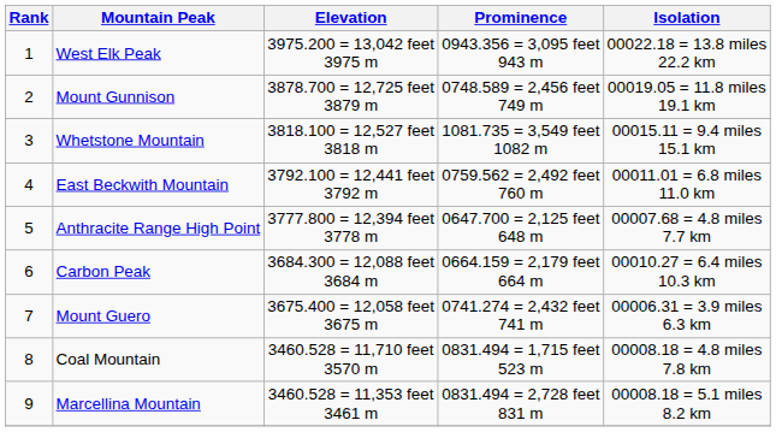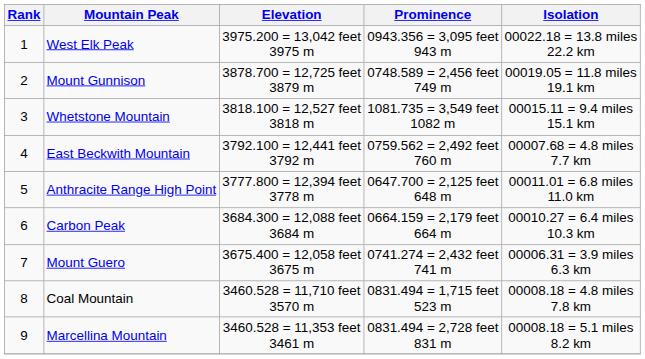 <table class="wikitable sortable">
 <tr>
 <th><a href='#'>Rank</a></th>
 <th><a href='#'>Mountain Peak</a></th>
 <th><a href='#'>Elevation</a></th>
 <th><a href='#'>Prominence</a></th>
 <th><a href='#'>Isolation</a></th>
 </tr>
 <tr>
 <td align=center>1</td>
 <td><a href='#'>West Elk Peak</a>  </td>
 <td align=center><span>3975.200 = </span>13,042 feet<br>3975 m</td>
 <td align=center><span>0943.356 = </span>3,095 feet<br>943 m</td>
 <td align=center><span>00022.18 = </span>13.8 miles<br>22.2 km</td>
 </tr>
 <tr>
 <td align=center>2</td>
 <td><a href='#'>Mount Gunnison</a>  </td>
 <td align=center><span>3878.700 = </span>12,725 feet<br>3879 m</td>
 <td align=center><span>0748.589 = </span>2,456 feet<br>749 m</td>
 <td align=center><span>00019.05 = </span>11.8 miles<br>19.1 km</td>
 </tr>
 <tr>
 <td align=center>3</td>
 <td><a href='#'>Whetstone Mountain</a>  </td>
 <td align=center><span>3818.100 = </span>12,527 feet<br>3818 m</td>
 <td align=center><span>1081.735 = </span>3,549 feet<br>1082 m</td>
 <td align=center><span>00015.11 = </span>9.4 miles<br>15.1 km</td>
 </tr>
 <tr>
 <td align=center>4</td>
 <td><a href='#'>East Beckwith Mountain</a>  </td>
 <td align=center><span>3792.100 = </span>12,441 feet<br>3792 m</td>
 <td align=center><span>0759.562 = </span>2,492 feet<br>760 m</td>
-<td align=center><span>00011.01 = </span>6.8 miles<br>11.0 km</td>
+<td align=center><span>00007.68 = </span>4.8 miles<br>7.7 km</td>
 </tr>
 <tr>
 <td align=center>5</td>
 <td><a href='#'>Anthracite Range High Point</a>  </td>
 <td align=center><span>3777.800 = </span>12,394 feet<br>3778 m</td>
 <td align=center><span>0647.700 = </span>2,125 feet<br>648 m</td>
-<td align=center><span>00007.68 = </span>4.8 miles<br>7.7 km</td>
+<td align=center><span>00011.01 = </span>6.8 miles<br>11.0 km</td>
 </tr>
 <tr>
 <td align=center>6</td>
 <td><a href='#'>Carbon Peak</a>  </td>
 <td align=center><span>3684.300 = </span>12,088 feet<br>3684 m</td>
 <td align=center><span>0664.159 = </span>2,179 feet<br>664 m</td>
 <td align=center><span>00010.27 = </span>6.4 miles<br>10.3 km</td>
 </tr>
 <tr>
 <td align=center>7</td>
 <td><a href='#'>Mount Guero</a>  </td>
 <td align=center><span>3675.400 = </span>12,058 feet<br>3675 m</td>
 <td align=center><span>0741.274 = </span>2,432 feet<br>741 m</td>
 <td align=center><span>00006.31 = </span>3.9 miles<br>6.3 km</td>
 </tr>
 <tr>
 <td align=center>8</td>
 <td>Coal Mountain </td>
 <td align=center><span>3460.528 = </span>11,710 feet<br>3570 m</td>
 <td align=center><span>0831.494 = </span>1,715 feet<br>523 m</td>
 <td align=center><span>00008.18 = </span>4.8 miles<br>7.8 km</td>
 </tr>
 <tr>
 <td align=center>9</td>
 <td><a href='#'>Marcellina Mountain</a> </td>
 <td align=center><span>3460.528 = </span>11,353 feet<br>3461 m</td>
 <td align=center><span>0831.494 = </span>2,728 feet<br>831 m</td>
 <td align=center><span>00008.18 = </span>5.1 miles<br>8.2 km</td>
 </tr>
 <tr>
 </tr>
 </table>
